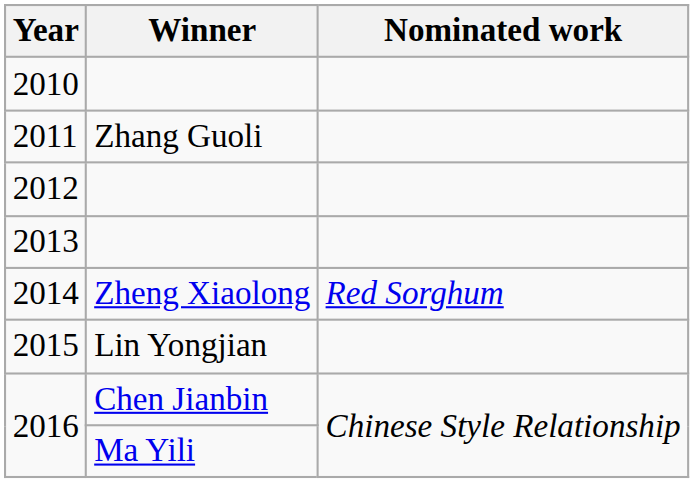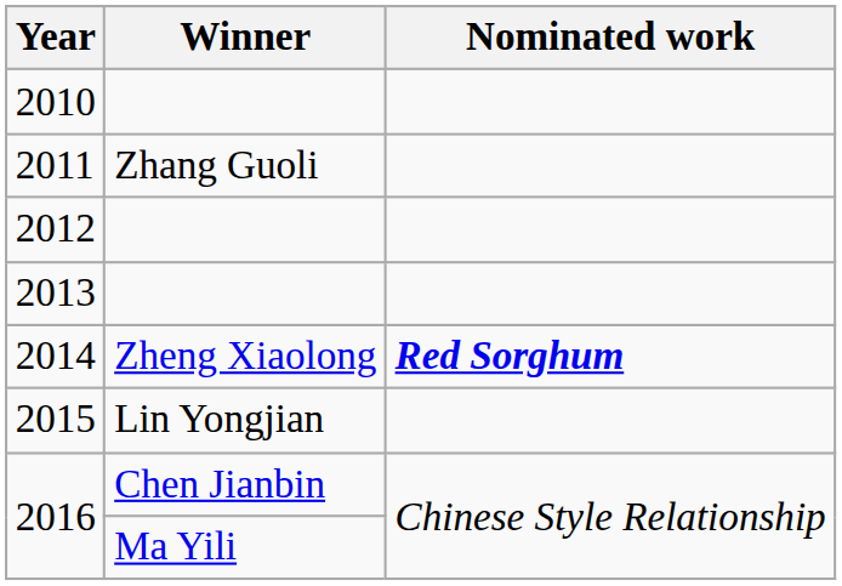 <table class="wikitable">
 <tr>
 <th>Year</th>
 <th>Winner</th>
 <th>Nominated work</th>
 </tr>
 <tr>
 <td>2010</td>
 <td></td>
 <td></td>
 </tr>
 <tr>
 <td>2011</td>
 <td>Zhang Guoli</td>
 <td></td>
 </tr>
 <tr>
 <td>2012</td>
 <td></td>
 <td></td>
 </tr>
 <tr>
 <td>2013</td>
 <td></td>
 <td></td>
 </tr>
 <tr>
 <td>2014</td>
 <td><a href='#'>Zheng Xiaolong</a></td>
-<td><em><a href='#'>Red Sorghum</a></em></td>
+<td><strong><em><a href='#'>Red Sorghum</a></em></strong></td>
 </tr>
 <tr>
 <td>2015</td>
 <td>Lin Yongjian</td>
 <td></td>
 </tr>
 <tr>
 <td rowspan=2>2016</td>
 <td><a href='#'>Chen Jianbin</a></td>
 <td rowspan=2><em>Chinese Style Relationship</em></td>
 </tr>
 <tr>
 <td><a href='#'>Ma Yili</a></td>
 </tr>
 </table>
